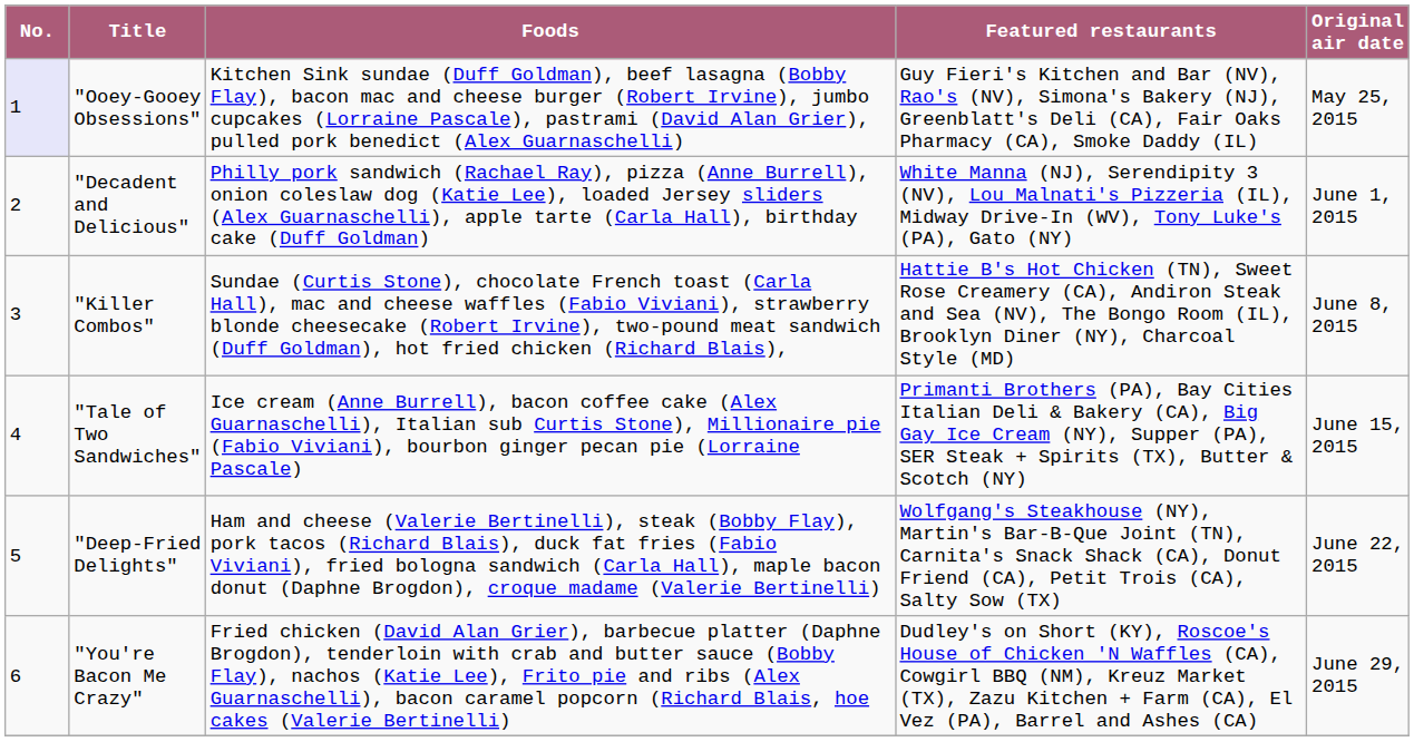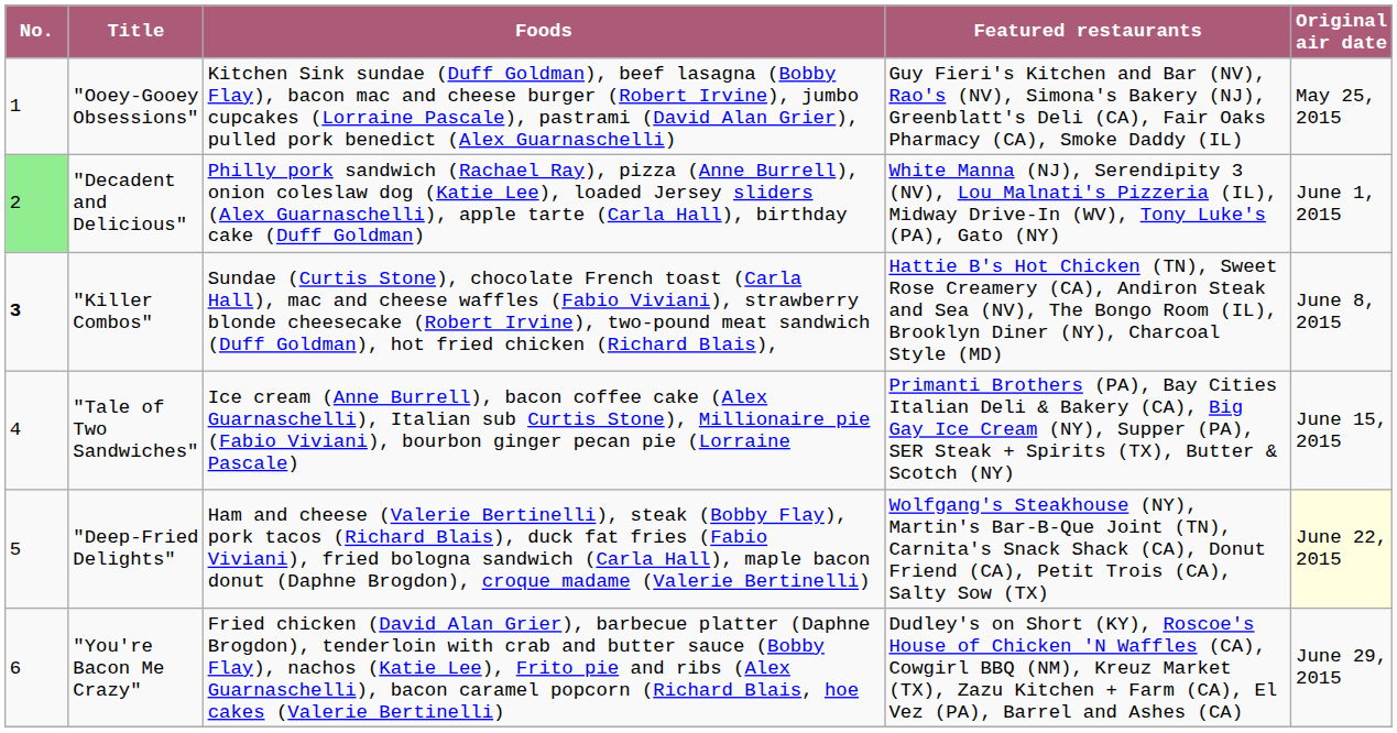 <table class="wikitable plainrowheaders" style="width:75%;">
 <tr>
 <th style="background-color: #ab5b78; color: #FFFFFF;" width=5%>No.</th>
 <th style="background-color: #ab5b78; color: #FFFFFF;">Title</th>
 <th style="background-color: #ab5b78; color: #FFFFFF;" width=60%>Foods</th>
 <th style="background-color: #ab5b78; color: #FFFFFF;" width=60%>Featured restaurants</th>
 <th style="background-color: #ab5b78; color: #FFFFFF;">Original air date</th>
 </tr>
 <tr>
-<td style="background: lavender;">1</td>
+<td>1</td>
 <td>"Ooey-Gooey Obsessions"</td>
 <td>Kitchen Sink sundae (<a href='#'>Duff Goldman</a>), beef lasagna (<a href='#'>Bobby Flay</a>), bacon mac and cheese burger (<a href='#'>Robert Irvine</a>), jumbo cupcakes (<a href='#'>Lorraine Pascale</a>), pastrami (<a href='#'>David Alan Grier</a>), pulled pork benedict (<a href='#'>Alex Guarnaschelli</a>)</td>
 <td>Guy Fieri's Kitchen and Bar (NV), <a href='#'>Rao's</a> (NV), Simona's Bakery (NJ), Greenblatt's Deli (CA), Fair Oaks Pharmacy (CA), Smoke Daddy (IL)</td>
 <td>May 25, 2015</td>
 </tr>
 <tr>
-<td>2</td>
+<td style="background: lightgreen;">2</td>
 <td>"Decadent and Delicious"</td>
 <td><a href='#'>Philly pork</a> sandwich (<a href='#'>Rachael Ray</a>), pizza (<a href='#'>Anne Burrell</a>), onion coleslaw dog (<a href='#'>Katie Lee</a>), loaded Jersey <a href='#'>sliders</a> (<a href='#'>Alex Guarnaschelli</a>), apple tarte (<a href='#'>Carla Hall</a>), birthday cake (<a href='#'>Duff Goldman</a>)</td>
 <td><a href='#'>White Manna</a> (NJ), Serendipity 3 (NV), <a href='#'>Lou Malnati's Pizzeria</a> (IL), Midway Drive-In (WV), <a href='#'>Tony Luke's</a> (PA), Gato (NY)</td>
 <td>June 1, 2015</td>
 </tr>
 <tr>
-<td>3</td>
+<td><strong>3</strong></td>
 <td>"Killer Combos"</td>
 <td>Sundae (<a href='#'>Curtis Stone</a>), chocolate French toast (<a href='#'>Carla Hall</a>), mac and cheese waffles (<a href='#'>Fabio Viviani</a>), strawberry blonde cheesecake (<a href='#'>Robert Irvine</a>), two-pound meat sandwich (<a href='#'>Duff Goldman</a>), hot fried chicken (<a href='#'>Richard Blais</a>),</td>
 <td><a href='#'>Hattie B's Hot Chicken</a> (TN), Sweet Rose Creamery (CA), Andiron Steak and Sea (NV), The Bongo Room (IL), Brooklyn Diner (NY), Charcoal Style (MD)</td>
 <td>June 8, 2015</td>
 </tr>
 <tr>
 <td>4</td>
 <td>"Tale of Two Sandwiches"</td>
 <td>Ice cream (<a href='#'>Anne Burrell</a>), bacon coffee cake (<a href='#'>Alex Guarnaschelli</a>), Italian sub <a href='#'>Curtis Stone</a>), <a href='#'>Millionaire pie</a> (<a href='#'>Fabio Viviani</a>), bourbon ginger pecan pie (<a href='#'>Lorraine Pascale</a>)</td>
 <td><a href='#'>Primanti Brothers</a> (PA), Bay Cities Italian Deli & Bakery (CA), <a href='#'>Big Gay Ice Cream</a> (NY), Supper (PA), SER Steak + Spirits (TX), Butter & Scotch (NY)</td>
 <td>June 15, 2015</td>
 </tr>
 <tr>
 <td>5</td>
 <td>"Deep-Fried Delights"</td>
 <td>Ham and cheese (<a href='#'>Valerie Bertinelli</a>), steak (<a href='#'>Bobby Flay</a>), pork tacos (<a href='#'>Richard Blais</a>), duck fat fries (<a href='#'>Fabio Viviani</a>), fried bologna sandwich (<a href='#'>Carla Hall</a>), maple bacon donut (Daphne Brogdon), <a href='#'>croque madame</a> (<a href='#'>Valerie Bertinelli</a>)</td>
 <td><a href='#'>Wolfgang's Steakhouse</a> (NY), Martin's Bar-B-Que Joint (TN), Carnita's Snack Shack (CA), Donut Friend (CA), Petit Trois (CA), Salty Sow (TX)</td>
-<td>June 22, 2015</td>
+<td style="background: lightyellow;">June 22, 2015</td>
 </tr>
 <tr>
 <td>6</td>
 <td>"You're Bacon Me Crazy"</td>
 <td>Fried chicken (<a href='#'>David Alan Grier</a>), barbecue platter (Daphne Brogdon), tenderloin with crab and butter sauce (<a href='#'>Bobby Flay</a>), nachos (<a href='#'>Katie Lee</a>), <a href='#'>Frito pie</a> and ribs (<a href='#'>Alex Guarnaschelli</a>), bacon caramel popcorn (<a href='#'>Richard Blais</a>, <a href='#'>hoe cakes</a> (<a href='#'>Valerie Bertinelli</a>)</td>
 <td>Dudley's on Short (KY), <a href='#'>Roscoe's House of Chicken 'N Waffles</a> (CA), Cowgirl BBQ (NM), Kreuz Market (TX), Zazu Kitchen + Farm (CA), El Vez (PA), Barrel and Ashes (CA)</td>
 <td>June 29, 2015</td>
 </tr>
 <tr>
 </tr>
 </table>
